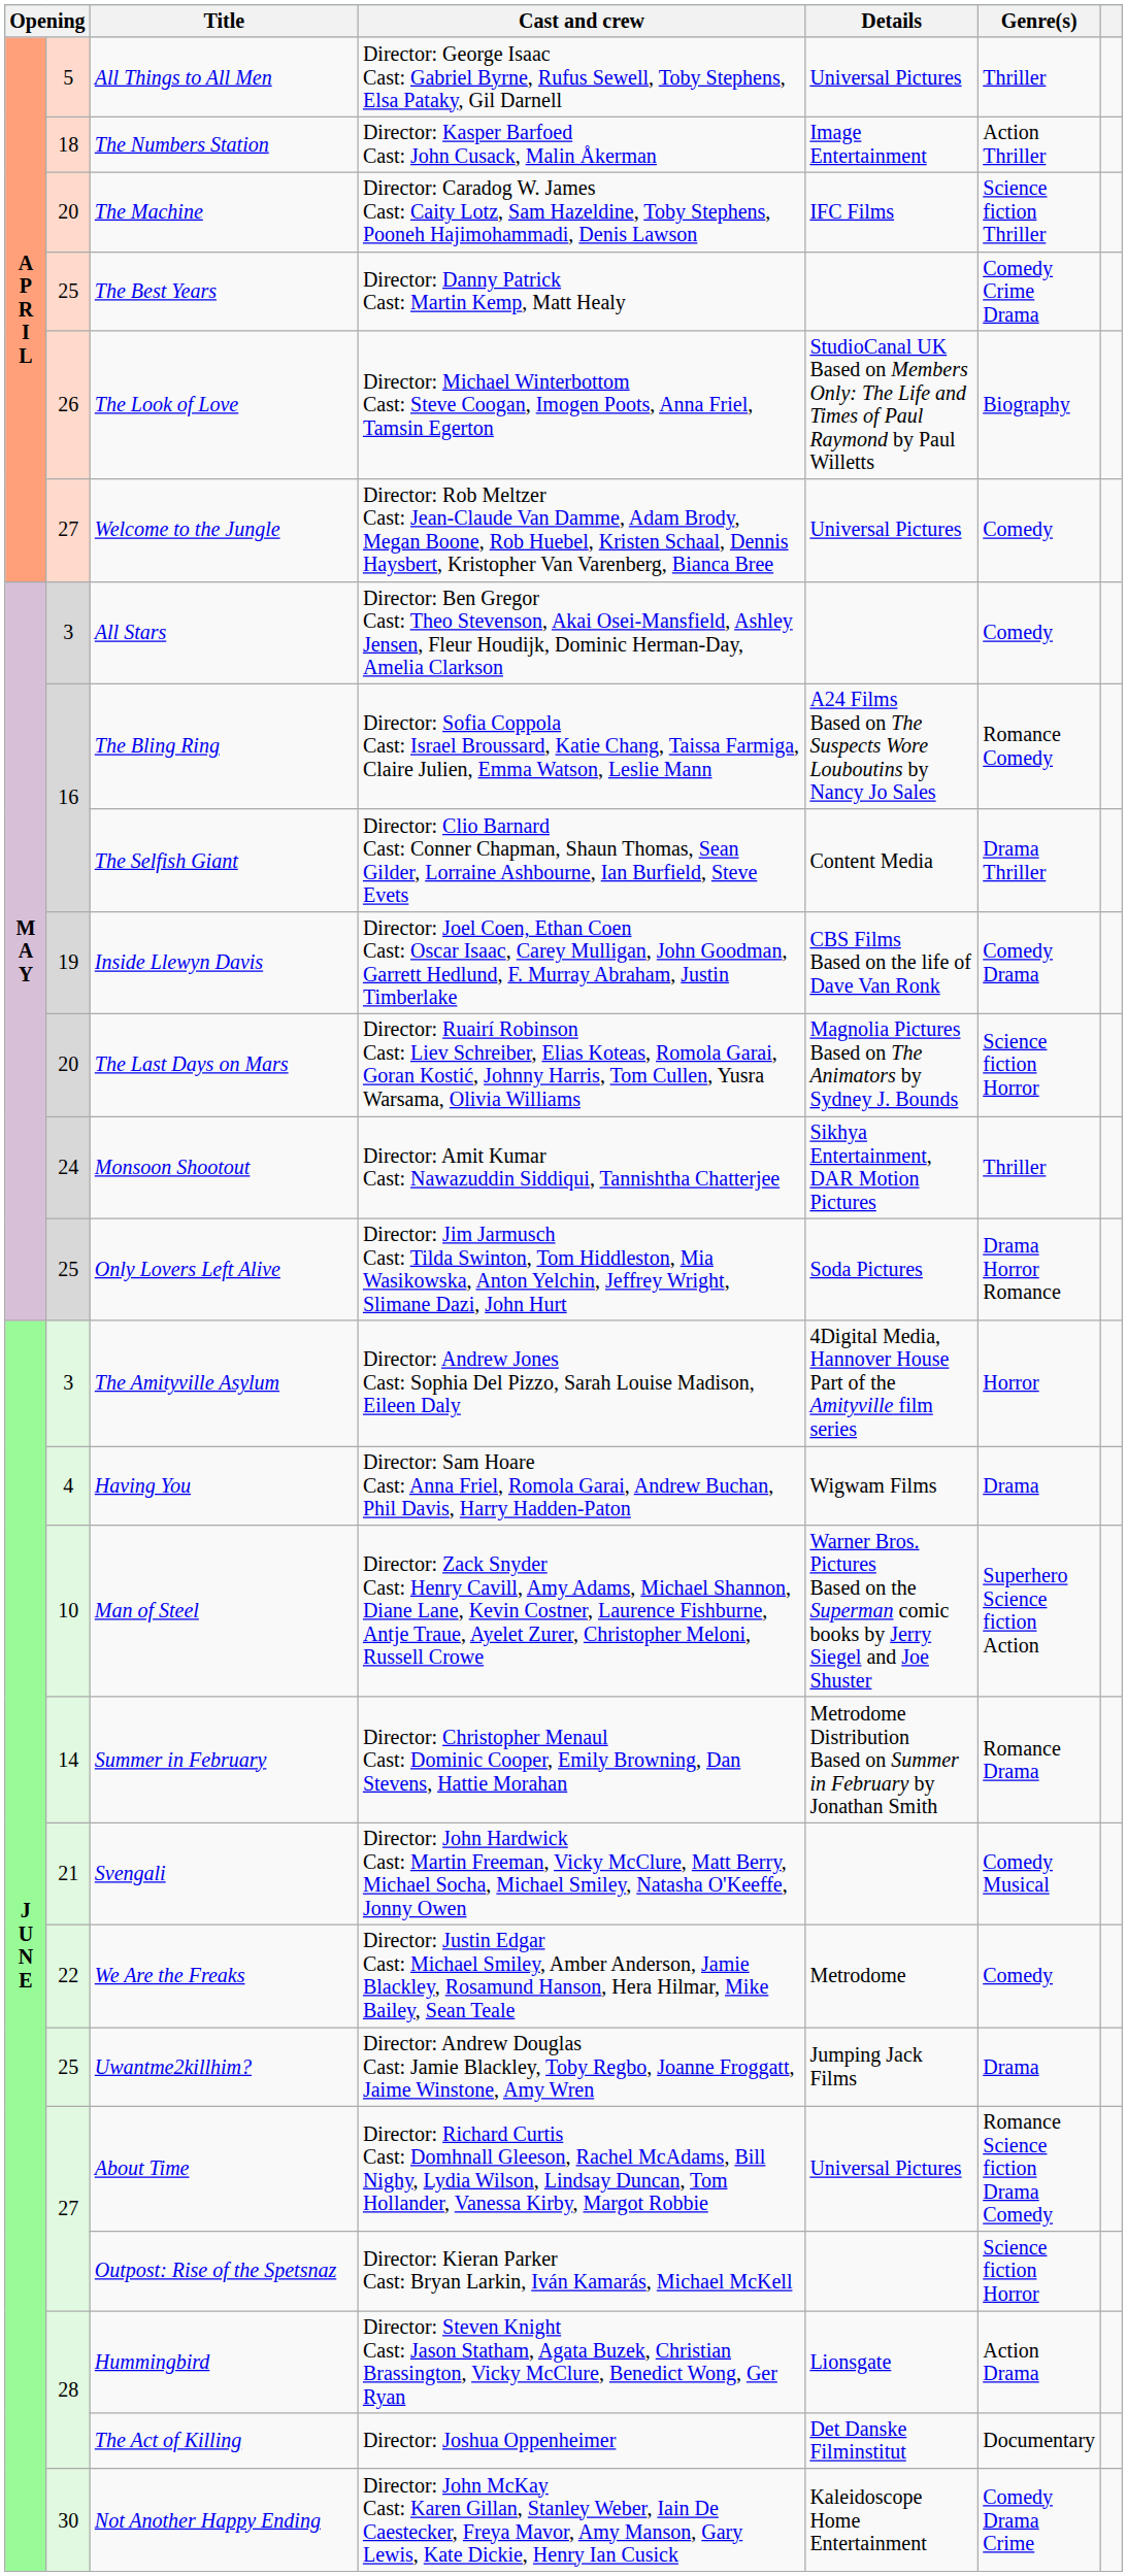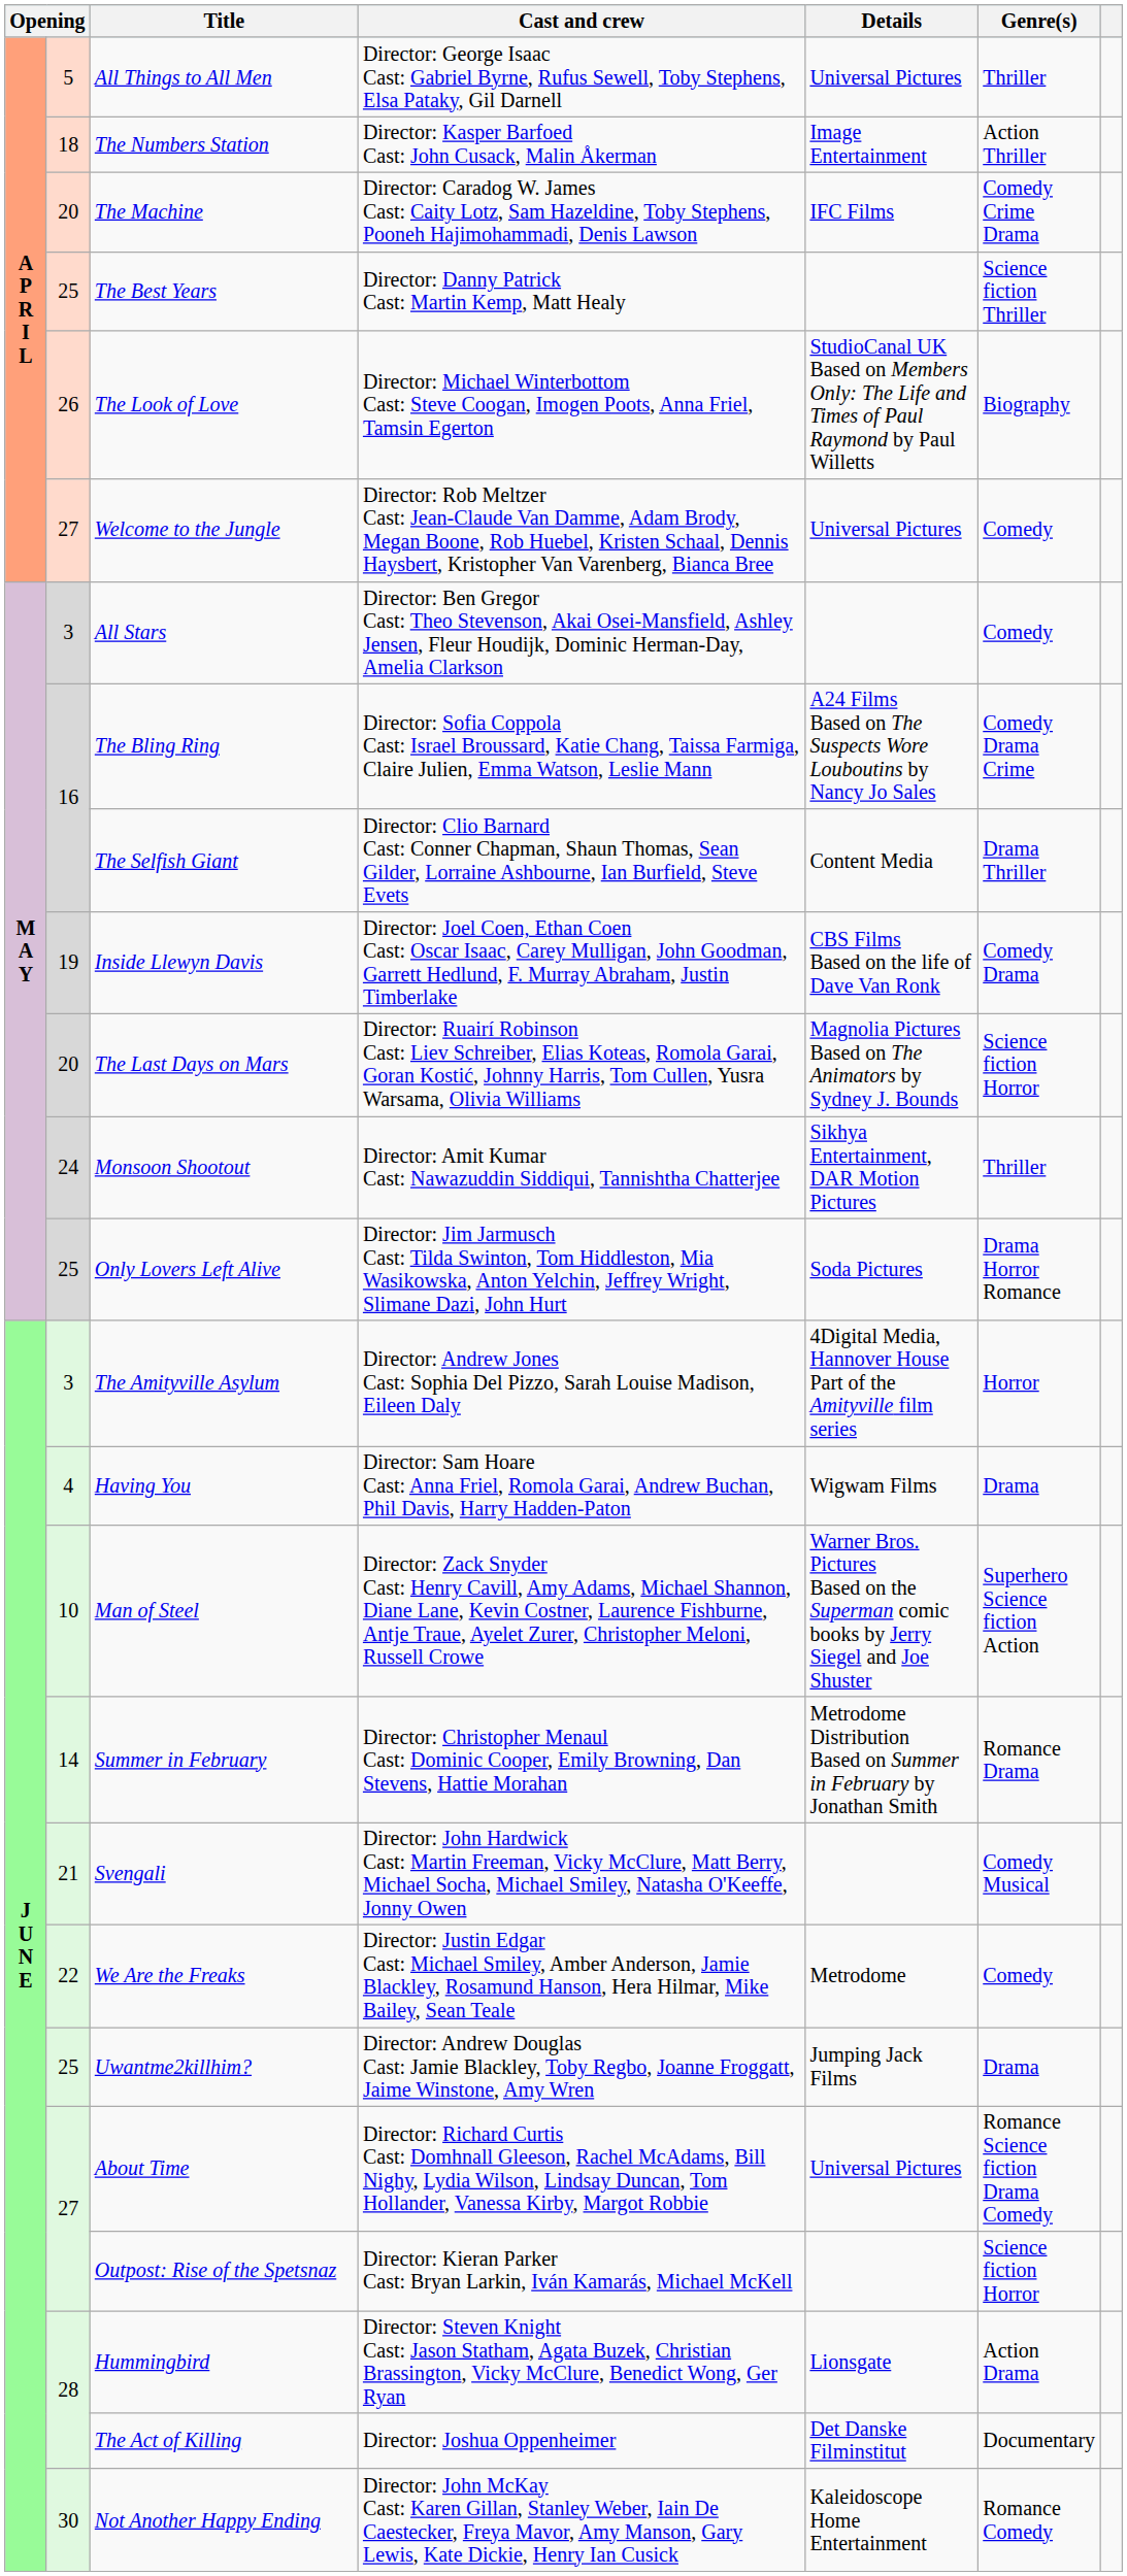 <table class="wikitable sortable plainrowheaders">
 <tr style="background:#b0e0e6; text-align:center;">
 <th colspan="2">Opening</th>
 <th style="width:24%;">Title</th>
 <th style="width:40%;">Cast and crew</th>
 <th>Details</th>
 <th style="width:10%;">Genre(s)</th>
 <th style="width:2%;"></th>
 </tr>
 <tr>
 <th rowspan="6" style="text-align:center; background:#ffa07a; textcolor:#000;">A<br>P<br>R<br>I<br>L</th>
 <td rowspan="1" style="text-align:center; background:#ffdacc;">5</td>
 <td><em><a href='#'>All Things to All Men</a></em></td>
 <td>Director: George Isaac  <br> Cast: <a href='#'>Gabriel Byrne</a>, <a href='#'>Rufus Sewell</a>, <a href='#'>Toby Stephens</a>, <a href='#'>Elsa Pataky</a>, Gil Darnell</td>
 <td><a href='#'>Universal Pictures</a></td>
 <td><a href='#'>Thriller</a></td>
 <td style="text-align:center"></td>
 </tr>
 <tr>
 <td rowspan="1" style="text-align:center; background:#ffdacc;">18</td>
 <td><em><a href='#'>The Numbers Station</a></em></td>
 <td>Director: <a href='#'>Kasper Barfoed</a>  <br> Cast: <a href='#'>John Cusack</a>, <a href='#'>Malin Åkerman</a></td>
 <td><a href='#'>Image Entertainment</a></td>
 <td>Action  <br> <a href='#'>Thriller</a></td>
 <td style="text-align:center"></td>
 </tr>
 <tr>
 <td rowspan="1" style="text-align:center; background:#ffdacc;">20</td>
 <td><em><a href='#'>The Machine</a></em></td>
 <td>Director: Caradog W. James  <br> Cast: <a href='#'>Caity Lotz</a>, <a href='#'>Sam Hazeldine</a>, <a href='#'>Toby Stephens</a>, <a href='#'>Pooneh Hajimohammadi</a>, <a href='#'>Denis Lawson</a></td>
 <td><a href='#'>IFC Films</a></td>
-<td><a href='#'>Science fiction</a>  <br> <a href='#'>Thriller</a></td>
+<td><a href='#'>Comedy</a>  <br> <a href='#'>Crime</a>  <br> <a href='#'>Drama</a></td>
 <td style="text-align:center"></td>
 </tr>
 <tr>
 <td rowspan="1" style="text-align:center; background:#ffdacc;">25</td>
 <td><em><a href='#'>The Best Years</a></em></td>
 <td>Director: <a href='#'>Danny Patrick</a>  <br> Cast: <a href='#'>Martin Kemp</a>, Matt Healy</td>
 <td></td>
-<td><a href='#'>Comedy</a>  <br> <a href='#'>Crime</a>  <br> <a href='#'>Drama</a></td>
+<td><a href='#'>Science fiction</a>  <br> <a href='#'>Thriller</a></td>
 <td style="text-align:center"></td>
 </tr>
 <tr>
 <td rowspan="1" style="text-align:center; background:#ffdacc;">26</td>
 <td><em><a href='#'>The Look of Love</a></em></td>
 <td>Director: <a href='#'>Michael Winterbottom</a>  <br> Cast: <a href='#'>Steve Coogan</a>, <a href='#'>Imogen Poots</a>, <a href='#'>Anna Friel</a>, <a href='#'>Tamsin Egerton</a></td>
 <td><a href='#'>StudioCanal UK</a>  <br> Based on <em>Members Only: The Life and Times of Paul Raymond</em> by Paul Willetts</td>
 <td><a href='#'>Biography</a></td>
 <td style="text-align:center"></td>
 </tr>
 <tr>
 <td rowspan="1" style="text-align:center; background:#ffdacc;">27</td>
 <td><em><a href='#'>Welcome to the Jungle</a></em></td>
 <td>Director: Rob Meltzer  <br> Cast: <a href='#'>Jean-Claude Van Damme</a>, <a href='#'>Adam Brody</a>, <a href='#'>Megan Boone</a>, <a href='#'>Rob Huebel</a>, <a href='#'>Kristen Schaal</a>, <a href='#'>Dennis Haysbert</a>, Kristopher Van Varenberg, <a href='#'>Bianca Bree</a></td>
 <td><a href='#'>Universal Pictures</a></td>
 <td><a href='#'>Comedy</a></td>
 <td style="text-align:center"></td>
 </tr>
 <tr>
 <th rowspan="7" style="text-align:center; background:thistle; textcolor:#000;">M<br>A<br>Y</th>
 <td rowspan="1" style="text-align:center; background:#d8d8d8;">3</td>
 <td><em><a href='#'>All Stars</a></em></td>
 <td>Director: Ben Gregor  <br> Cast: <a href='#'>Theo Stevenson</a>, <a href='#'>Akai Osei-Mansfield</a>, <a href='#'>Ashley Jensen</a>, Fleur Houdijk, Dominic Herman-Day, <a href='#'>Amelia Clarkson</a></td>
 <td></td>
 <td><a href='#'>Comedy</a></td>
 <td style="text-align:center"></td>
 </tr>
 <tr>
 <td rowspan="2" style="text-align:center; background:#d8d8d8;">16</td>
 <td><em><a href='#'>The Bling Ring</a></em></td>
 <td>Director: <a href='#'>Sofia Coppola</a>  <br> Cast: <a href='#'>Israel Broussard</a>, <a href='#'>Katie Chang</a>, <a href='#'>Taissa Farmiga</a>, Claire Julien, <a href='#'>Emma Watson</a>, <a href='#'>Leslie Mann</a></td>
 <td><a href='#'>A24 Films</a>  <br> Based on <em>The Suspects Wore Louboutins</em> by <a href='#'>Nancy Jo Sales</a></td>
-<td>Romance  <br> <a href='#'>Comedy</a></td>
+<td><a href='#'>Comedy</a>  <br> <a href='#'>Drama</a>  <br> <a href='#'>Crime</a></td>
 <td style="text-align:center"></td>
 </tr>
 <tr>
 <td><em><a href='#'>The Selfish Giant</a></em></td>
 <td>Director: <a href='#'>Clio Barnard</a>  <br> Cast: Conner Chapman, Shaun Thomas, <a href='#'>Sean Gilder</a>, <a href='#'>Lorraine Ashbourne</a>, <a href='#'>Ian Burfield</a>, <a href='#'>Steve Evets</a></td>
 <td>Content Media</td>
 <td><a href='#'>Drama</a>  <br> <a href='#'>Thriller</a></td>
 <td style="text-align:center"></td>
 </tr>
 <tr>
 <td rowspan="1" style="text-align:center; background:#d8d8d8;">19</td>
 <td><em><a href='#'>Inside Llewyn Davis</a></em></td>
 <td>Director: <a href='#'>Joel Coen, Ethan Coen</a>  <br> Cast: <a href='#'>Oscar Isaac</a>, <a href='#'>Carey Mulligan</a>, <a href='#'>John Goodman</a>, <a href='#'>Garrett Hedlund</a>, <a href='#'>F. Murray Abraham</a>, <a href='#'>Justin Timberlake</a></td>
 <td><a href='#'>CBS Films</a>  <br> Based on the life of <a href='#'>Dave Van Ronk</a></td>
 <td><a href='#'>Comedy</a>  <br> <a href='#'>Drama</a></td>
 <td style="text-align:center"></td>
 </tr>
 <tr>
 <td rowspan="1" style="text-align:center; background:#d8d8d8;">20</td>
 <td><em><a href='#'>The Last Days on Mars</a></em></td>
 <td>Director: <a href='#'>Ruairí Robinson</a>  <br> Cast: <a href='#'>Liev Schreiber</a>, <a href='#'>Elias Koteas</a>, <a href='#'>Romola Garai</a>, <a href='#'>Goran Kostić</a>, <a href='#'>Johnny Harris</a>, <a href='#'>Tom Cullen</a>, Yusra Warsama, <a href='#'>Olivia Williams</a></td>
 <td><a href='#'>Magnolia Pictures</a>  <br> Based on <em>The Animators</em> by <a href='#'>Sydney J. Bounds</a></td>
 <td><a href='#'>Science fiction</a>  <br> <a href='#'>Horror</a></td>
 <td style="text-align:center"></td>
 </tr>
 <tr>
 <td rowspan="1" style="text-align:center; background:#d8d8d8;">24</td>
 <td><em><a href='#'>Monsoon Shootout</a></em></td>
 <td>Director: Amit Kumar  <br> Cast: <a href='#'>Nawazuddin Siddiqui</a>, <a href='#'>Tannishtha Chatterjee</a></td>
 <td><a href='#'>Sikhya Entertainment</a>, <a href='#'>DAR Motion Pictures</a></td>
 <td><a href='#'>Thriller</a></td>
 <td style="text-align:center"></td>
 </tr>
 <tr>
 <td rowspan="1" style="text-align:center; background:#d8d8d8;">25</td>
 <td><em><a href='#'>Only Lovers Left Alive</a></em></td>
 <td>Director: <a href='#'>Jim Jarmusch</a>  <br> Cast: <a href='#'>Tilda Swinton</a>, <a href='#'>Tom Hiddleston</a>, <a href='#'>Mia Wasikowska</a>, <a href='#'>Anton Yelchin</a>, <a href='#'>Jeffrey Wright</a>, <a href='#'>Slimane Dazi</a>, <a href='#'>John Hurt</a></td>
 <td><a href='#'>Soda Pictures</a></td>
 <td><a href='#'>Drama</a>  <br> <a href='#'>Horror</a>  <br> Romance</td>
 <td style="text-align:center"></td>
 </tr>
 <tr>
 <th rowspan="12" style="text-align:center; background:#98fb98; textcolor:#000;">J <br>U <br>N <br>E</th>
 <td rowspan="1" style="text-align:center; background:#e0f9e0;">3</td>
 <td><em><a href='#'>The Amityville Asylum</a></em></td>
 <td>Director: <a href='#'>Andrew Jones</a>  <br> Cast: Sophia Del Pizzo, Sarah Louise Madison, <a href='#'>Eileen Daly</a></td>
 <td>4Digital Media, <a href='#'>Hannover House</a>  <br> Part of the <a href='#'><em>Amityville</em> film series</a></td>
 <td><a href='#'>Horror</a></td>
 <td style="text-align:center"></td>
 </tr>
 <tr>
 <td rowspan="1" style="text-align:center; background:#e0f9e0;">4</td>
 <td><em><a href='#'>Having You</a></em></td>
 <td>Director: Sam Hoare  <br> Cast: <a href='#'>Anna Friel</a>, <a href='#'>Romola Garai</a>, <a href='#'>Andrew Buchan</a>, <a href='#'>Phil Davis</a>, <a href='#'>Harry Hadden-Paton</a></td>
 <td>Wigwam Films</td>
 <td><a href='#'>Drama</a></td>
 <td style="text-align:center"></td>
 </tr>
 <tr>
 <td rowspan="1" style="text-align:center; background:#e0f9e0;">10</td>
 <td><em><a href='#'>Man of Steel</a></em></td>
 <td>Director: <a href='#'>Zack Snyder</a>  <br> Cast: <a href='#'>Henry Cavill</a>, <a href='#'>Amy Adams</a>, <a href='#'>Michael Shannon</a>, <a href='#'>Diane Lane</a>, <a href='#'>Kevin Costner</a>, <a href='#'>Laurence Fishburne</a>, <a href='#'>Antje Traue</a>, <a href='#'>Ayelet Zurer</a>, <a href='#'>Christopher Meloni</a>, <a href='#'>Russell Crowe</a></td>
 <td><a href='#'>Warner Bros. Pictures</a>  <br> Based on the <em><a href='#'>Superman</a></em> comic books by <a href='#'>Jerry Siegel</a> and <a href='#'>Joe Shuster</a></td>
 <td><a href='#'>Superhero</a>  <br> <a href='#'>Science fiction</a>  <br> Action</td>
 <td style="text-align:center"></td>
 </tr>
 <tr>
 <td rowspan="1" style="text-align:center; background:#e0f9e0;">14</td>
 <td><em><a href='#'>Summer in February</a></em></td>
 <td>Director: <a href='#'>Christopher Menaul</a>  <br> Cast: <a href='#'>Dominic Cooper</a>, <a href='#'>Emily Browning</a>, <a href='#'>Dan Stevens</a>, <a href='#'>Hattie Morahan</a></td>
 <td>Metrodome Distribution  <br> Based on <em>Summer in February</em> by Jonathan Smith</td>
 <td>Romance  <br> <a href='#'>Drama</a></td>
 <td style="text-align:center"></td>
 </tr>
 <tr>
 <td rowspan="1" style="text-align:center; background:#e0f9e0;">21</td>
 <td><em><a href='#'>Svengali</a></em></td>
 <td>Director: <a href='#'>John Hardwick</a>  <br> Cast: <a href='#'>Martin Freeman</a>, <a href='#'>Vicky McClure</a>, <a href='#'>Matt Berry</a>, <a href='#'>Michael Socha</a>, <a href='#'>Michael Smiley</a>, <a href='#'>Natasha O'Keeffe</a>, <a href='#'>Jonny Owen</a></td>
 <td></td>
 <td><a href='#'>Comedy</a>  <br> <a href='#'>Musical</a></td>
 <td style="text-align:center"></td>
 </tr>
 <tr>
 <td rowspan="1" style="text-align:center; background:#e0f9e0;">22</td>
 <td><em><a href='#'>We Are the Freaks</a></em></td>
 <td>Director: <a href='#'>Justin Edgar</a>  <br> Cast: <a href='#'>Michael Smiley</a>, Amber Anderson, <a href='#'>Jamie Blackley</a>, <a href='#'>Rosamund Hanson</a>, Hera Hilmar, <a href='#'>Mike Bailey</a>, <a href='#'>Sean Teale</a></td>
 <td>Metrodome</td>
 <td><a href='#'>Comedy</a></td>
 <td style="text-align:center"></td>
 </tr>
 <tr>
 <td rowspan="1" style="text-align:center; background:#e0f9e0;">25</td>
 <td><em><a href='#'>Uwantme2killhim?</a></em></td>
 <td>Director: Andrew Douglas  <br> Cast: Jamie Blackley, <a href='#'>Toby Regbo</a>, <a href='#'>Joanne Froggatt</a>, <a href='#'>Jaime Winstone</a>, <a href='#'>Amy Wren</a></td>
 <td>Jumping Jack Films</td>
 <td><a href='#'>Drama</a></td>
 <td style="text-align:center"></td>
 </tr>
 <tr>
 <td rowspan="2" style="text-align:center; background:#e0f9e0;">27</td>
 <td><em><a href='#'>About Time</a></em></td>
 <td>Director: <a href='#'>Richard Curtis</a>  <br> Cast: <a href='#'>Domhnall Gleeson</a>, <a href='#'>Rachel McAdams</a>, <a href='#'>Bill Nighy</a>, <a href='#'>Lydia Wilson</a>, <a href='#'>Lindsay Duncan</a>, <a href='#'>Tom Hollander</a>, <a href='#'>Vanessa Kirby</a>, <a href='#'>Margot Robbie</a></td>
 <td><a href='#'>Universal Pictures</a></td>
 <td>Romance  <br> <a href='#'>Science fiction</a>  <br> <a href='#'>Drama</a>  <br> <a href='#'>Comedy</a></td>
 <td style="text-align:center"></td>
 </tr>
 <tr>
 <td><em><a href='#'>Outpost: Rise of the Spetsnaz</a></em></td>
 <td>Director: Kieran Parker  <br> Cast: Bryan Larkin, <a href='#'>Iván Kamarás</a>, <a href='#'>Michael McKell</a></td>
 <td></td>
 <td><a href='#'>Science fiction</a>  <br> <a href='#'>Horror</a></td>
 <td style="text-align:center"></td>
 </tr>
 <tr>
 <td rowspan="2" style="text-align:center; background:#e0f9e0;">28</td>
 <td><em><a href='#'>Hummingbird</a></em></td>
 <td>Director: <a href='#'>Steven Knight</a>  <br> Cast: <a href='#'>Jason Statham</a>, <a href='#'>Agata Buzek</a>, <a href='#'>Christian Brassington</a>, <a href='#'>Vicky McClure</a>, <a href='#'>Benedict Wong</a>, <a href='#'>Ger Ryan</a></td>
 <td><a href='#'>Lionsgate</a></td>
 <td>Action  <br> <a href='#'>Drama</a></td>
 <td style="text-align:center"></td>
 </tr>
 <tr>
 <td><em><a href='#'>The Act of Killing</a></em></td>
 <td>Director: <a href='#'>Joshua Oppenheimer</a></td>
 <td><a href='#'>Det Danske Filminstitut</a></td>
 <td>Documentary</td>
 <td style="text-align:center"></td>
 </tr>
 <tr>
 <td rowspan="1" style="text-align:center; background:#e0f9e0;">30</td>
 <td><em><a href='#'>Not Another Happy Ending</a></em></td>
 <td>Director: <a href='#'>John McKay</a>  <br> Cast: <a href='#'>Karen Gillan</a>, <a href='#'>Stanley Weber</a>, <a href='#'>Iain De Caestecker</a>, <a href='#'>Freya Mavor</a>, <a href='#'>Amy Manson</a>, <a href='#'>Gary Lewis</a>, <a href='#'>Kate Dickie</a>, <a href='#'>Henry Ian Cusick</a></td>
 <td>Kaleidoscope Home Entertainment</td>
-<td><a href='#'>Comedy</a>  <br> <a href='#'>Drama</a>  <br> <a href='#'>Crime</a></td>
+<td>Romance  <br> <a href='#'>Comedy</a></td>
 <td style="text-align:center"></td>
 </tr>
 <tr>
 </tr>
 </table>
